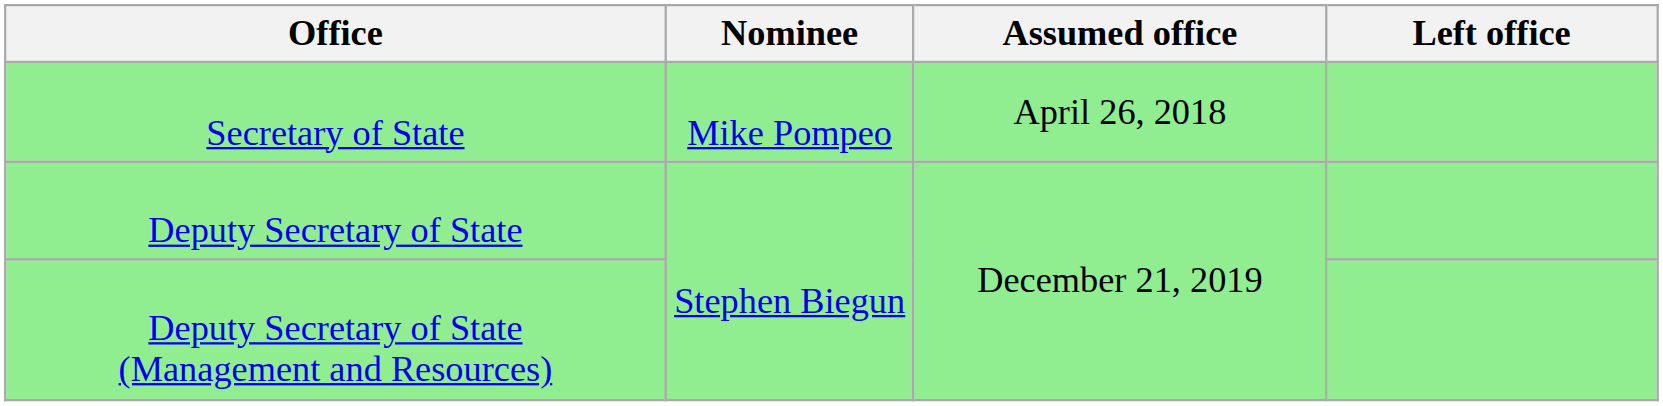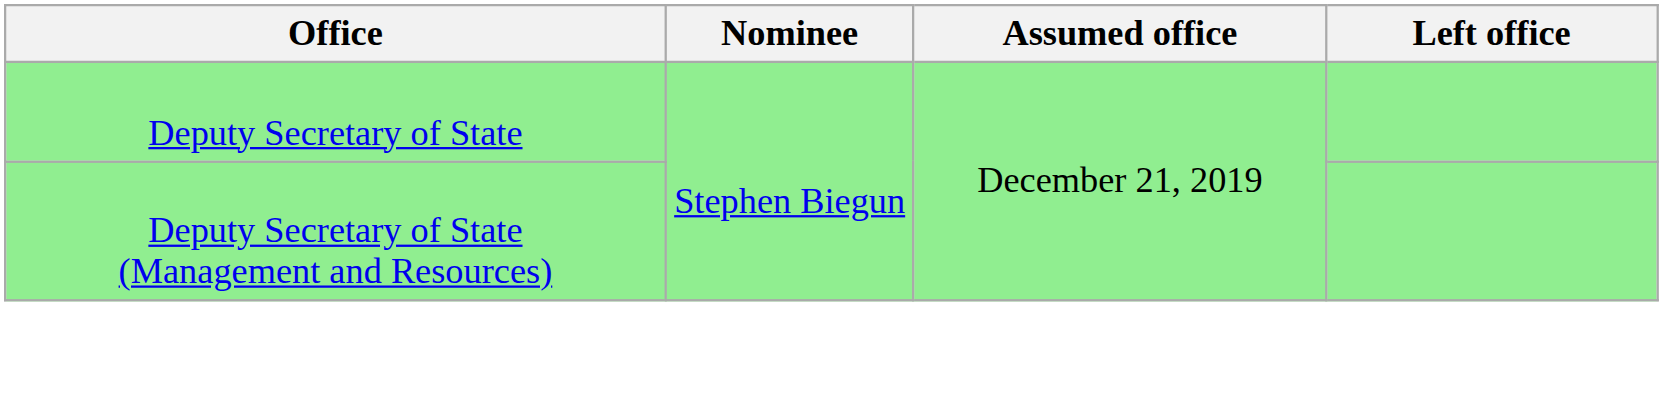 <table class="wikitable sortable" style="text-align:center">
 <tr>
 <th style="width:40%;">Office</th>
 <th style="width:15%;">Nominee</th>
 <th style="width:25%;" data-sort- type="date">Assumed office</th>
 <th style="width:20%;" data-sort- type="date">Left office</th>
-</tr>
-<tr style="background:lightgreen">
-<td><br><a href='#'>Secretary of State</a></td>
-<td><br><a href='#'>Mike Pompeo</a></td>
-<td>April 26, 2018<br></td>
-<td></td>
 </tr>
 <tr style="background:lightgreen;">
 <td><br><a href='#'>Deputy Secretary of State</a></td>
 <td rowspan="2"><br><a href='#'>Stephen Biegun</a></td>
 <td rowspan="2">December 21, 2019<br></td>
 <td></td>
 </tr>
 <tr style="background:lightgreen;">
 <td><br><a href='#'>Deputy Secretary of State<br>(Management and Resources)</a></td>
 <td></td>
 </tr>
 </table>
